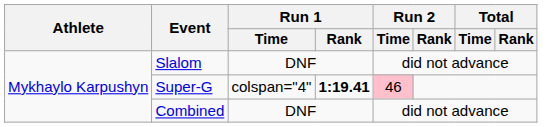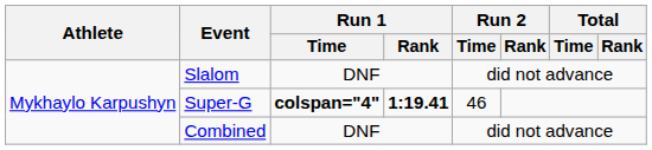 <table class="wikitable" style="font-size:90%">
 <tr>
 <th rowspan=2>Athlete</th>
 <th rowspan=2>Event</th>
 <th colspan=2>Run 1</th>
 <th colspan=2>Run 2</th>
 <th colspan=2>Total</th>
 </tr>
 <tr style="font-size:95%">
 <th>Time</th>
 <th>Rank</th>
 <th>Time</th>
 <th>Rank</th>
 <th>Time</th>
 <th>Rank</th>
 </tr>
 <tr align=center>
 <td align="left" rowspan="3"><a href='#'>Mykhaylo Karpushyn</a></td>
 <td align="left"><a href='#'>Slalom</a></td>
 <td colspan=2>DNF</td>
 <td colspan=4>did not advance</td>
 </tr>
 <tr align=center>
 <td align="left"><a href='#'>Super-G</a></td>
-<td>colspan="4" </td>
+<td><strong>colspan="4" </strong></td>
 <td><strong>1:19.41</strong></td>
-<td style="background: pink;">46</td>
+<td>46</td>
 </tr>
 <tr align=center>
 <td align="left"><a href='#'>Combined</a></td>
 <td colspan=2>DNF</td>
 <td colspan=4>did not advance</td>
 </tr>
 </table>
